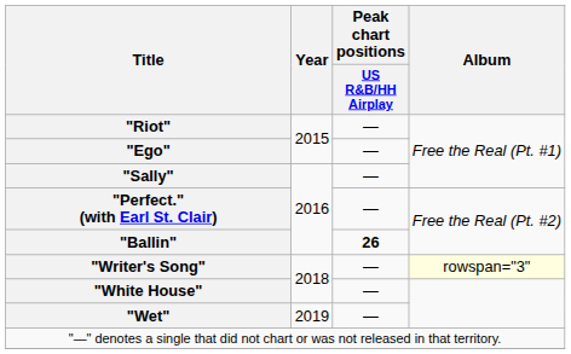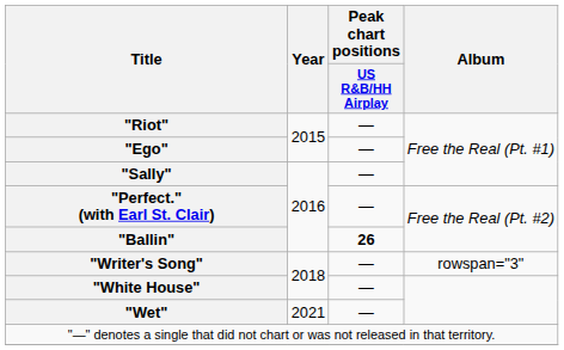 <table class="wikitable plainrowheaders" style="text-align:center;">
 <tr>
 <th scope="col" rowspan="2" style="width:18em;">Title</th>
 <th scope="col" rowspan="2" style="width:1em;">Year</th>
 <th scope="col" colspan="1">Peak chart positions</th>
 <th scope="col" rowspan="2">Album</th>
 </tr>
 <tr>
 <th scope="col" style="width:3em;font-size:85%;"><a href='#'>US<br>R&B/HH<br>Airplay</a><br></th>
 </tr>
 <tr>
 <th scope="row">"Riot"</th>
 <td rowspan="2">2015</td>
 <td>—</td>
 <td rowspan="3"><em>Free the Real (Pt. #1)</em></td>
 </tr>
 <tr>
 <th scope="row">"Ego"</th>
 <td>—</td>
 </tr>
 <tr>
 <th scope="row">"Sally"</th>
 <td rowspan="3">2016</td>
 <td>—</td>
 </tr>
 <tr>
 <th scope="row">"Perfect." <br><span>(with <a href='#'>Earl St. Clair</a>)</span></th>
 <td>—</td>
 <td rowspan="2"><em>Free the Real (Pt. #2)</em></td>
 </tr>
 <tr>
 <th scope="row">"Ballin"</th>
 <td><strong>26</strong></td>
 </tr>
 <tr>
 <th scope="row">"Writer's Song"</th>
 <td rowspan="2">2018</td>
 <td>—</td>
-<td style="background: lightyellow;">rowspan="3" </td>
+<td>rowspan="3" </td>
 </tr>
 <tr>
 <th scope="row">"White House"</th>
 <td>—</td>
 </tr>
 <tr>
 <th scope="row">"Wet"</th>
-<td rowspan="1">2019</td>
+<td rowspan="1">2021</td>
 <td>—</td>
 </tr>
 <tr>
 <td colspan="20" style="font-size:85%">"—" denotes a single that did not chart or was not released in that territory.</td>
 </tr>
 <tr>
 </tr>
 </table>
